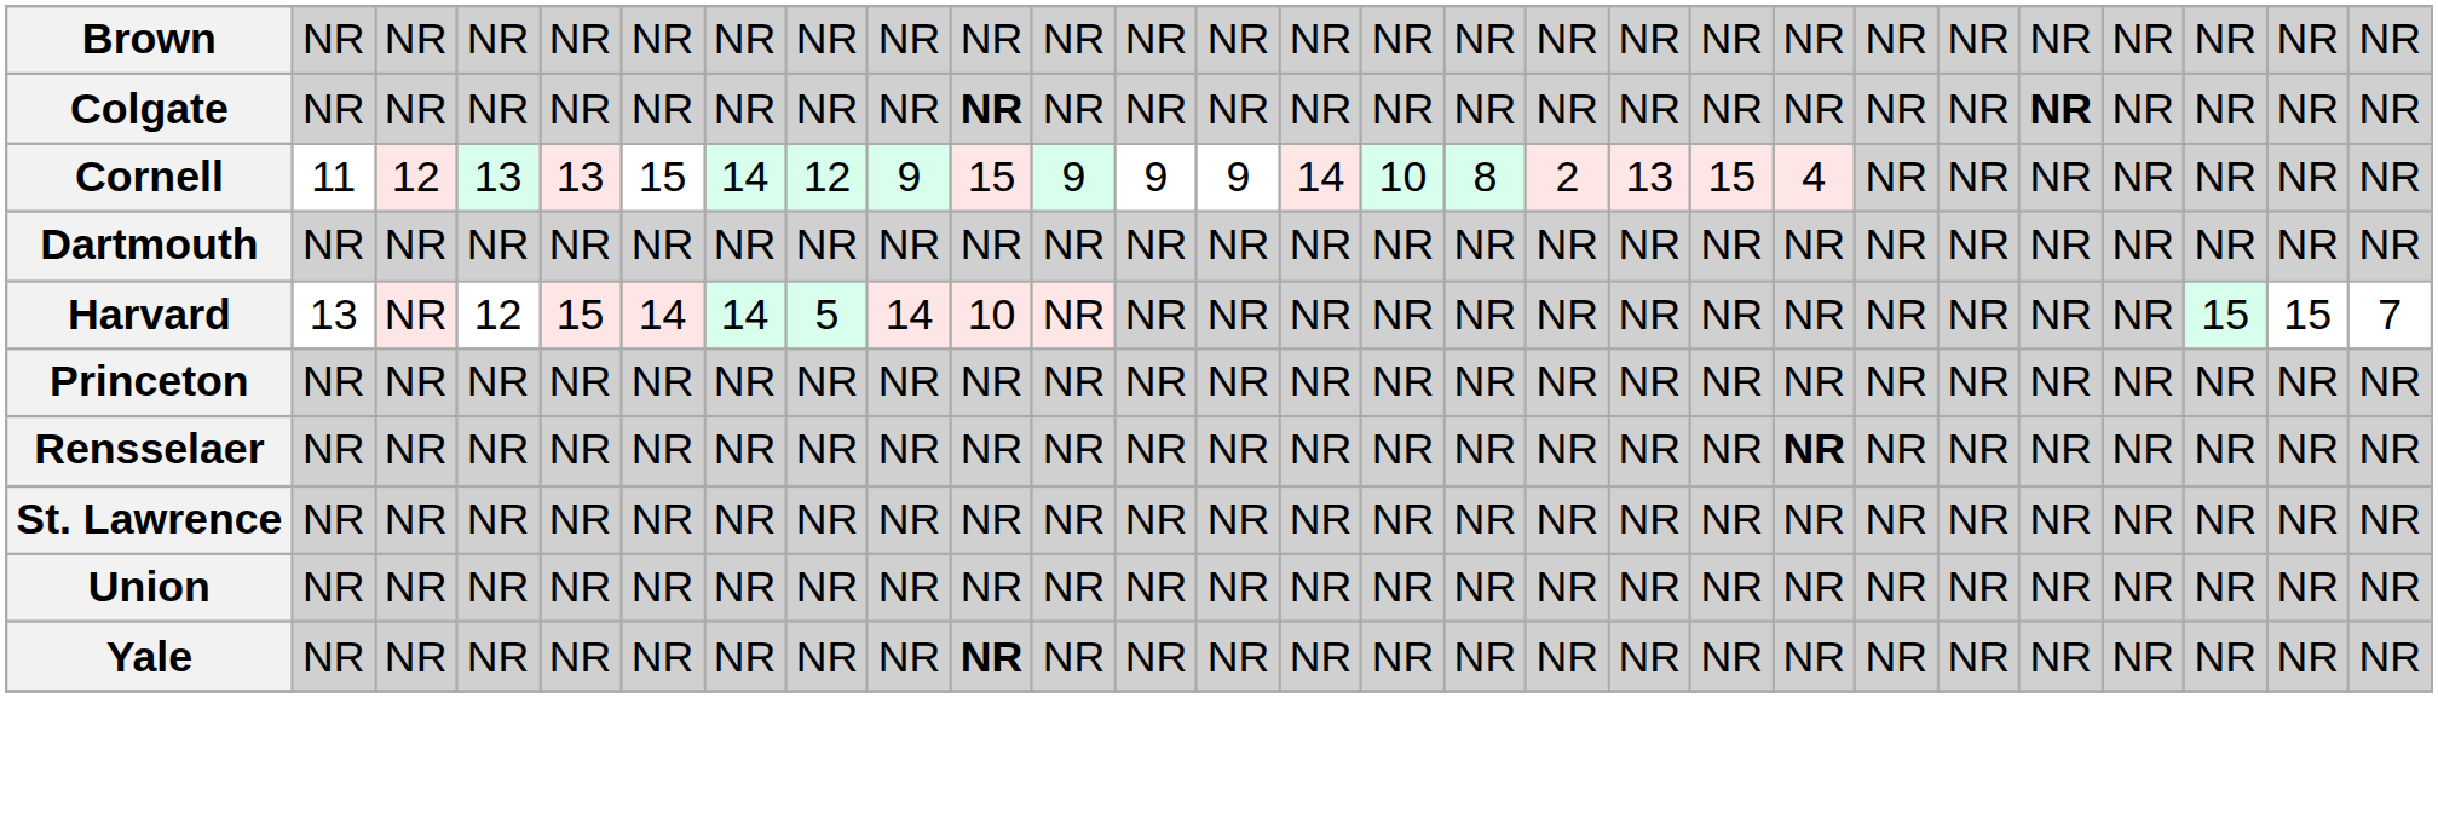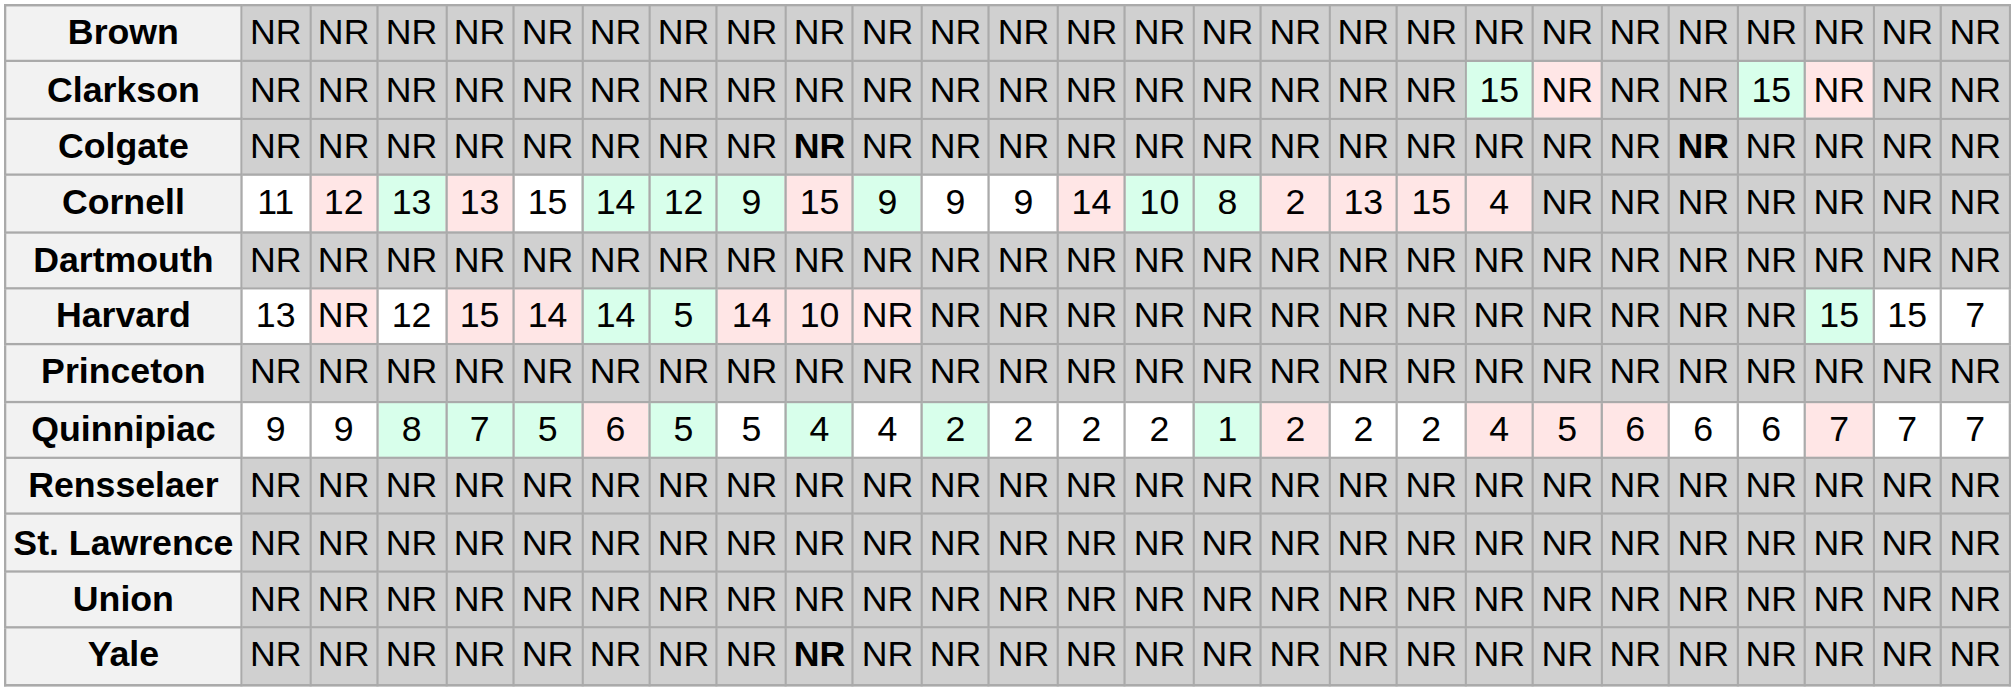 <table class="wikitable sortable" style="text-align: center;">
 <tr>
 </tr>
 <tr bgcolor=d0d0d0>
 <th>Brown</th>
 <td>NR</td>
 <td>NR</td>
 <td>NR</td>
 <td>NR</td>
 <td>NR</td>
 <td>NR</td>
 <td>NR</td>
 <td>NR</td>
 <td>NR</td>
 <td>NR</td>
 <td>NR</td>
 <td>NR</td>
 <td>NR</td>
 <td>NR</td>
 <td>NR</td>
 <td>NR</td>
 <td>NR</td>
 <td>NR</td>
 <td>NR</td>
 <td>NR</td>
 <td>NR</td>
 <td>NR</td>
 <td>NR</td>
 <td>NR</td>
+<td>NR</td>
+<td>NR</td>
+</tr>
+<tr bgcolor=d0d0d0>
+<th>Clarkson</th>
+<td>NR</td>
+<td>NR</td>
+<td>NR</td>
+<td>NR</td>
+<td>NR</td>
+<td>NR</td>
+<td>NR</td>
+<td>NR</td>
+<td>NR</td>
+<td>NR</td>
+<td>NR</td>
+<td>NR</td>
+<td>NR</td>
+<td>NR</td>
+<td>NR</td>
+<td>NR</td>
+<td>NR</td>
+<td>NR</td>
+<td bgcolor=D8FFEB>15</td>
+<td bgcolor=FFE6E6>NR</td>
+<td>NR</td>
+<td>NR</td>
+<td bgcolor=D8FFEB>15</td>
+<td bgcolor=FFE6E6>NR</td>
 <td>NR</td>
 <td>NR</td>
 </tr>
 <tr bgcolor=d0d0d0>
 <th>Colgate</th>
 <td>NR</td>
 <td>NR</td>
 <td>NR</td>
 <td>NR</td>
 <td>NR</td>
 <td>NR</td>
 <td>NR</td>
 <td>NR</td>
 <td><strong>NR</strong></td>
 <td>NR</td>
 <td>NR</td>
 <td>NR</td>
 <td>NR</td>
 <td>NR</td>
 <td>NR</td>
 <td>NR</td>
 <td>NR</td>
 <td>NR</td>
 <td>NR</td>
 <td>NR</td>
 <td>NR</td>
 <td><strong>NR</strong></td>
 <td>NR</td>
 <td>NR</td>
 <td>NR</td>
 <td>NR</td>
 </tr>
 <tr bgcolor=d0d0d0>
 <th>Cornell</th>
 <td bgcolor=FFFFFF>11</td>
 <td bgcolor=FFE6E6>12</td>
 <td bgcolor=D8FFEB>13</td>
 <td bgcolor=FFE6E6>13</td>
 <td bgcolor=FFFFFF>15</td>
 <td bgcolor=D8FFEB>14</td>
 <td bgcolor=D8FFEB>12</td>
 <td bgcolor=D8FFEB>9</td>
 <td bgcolor=FFE6E6>15</td>
 <td bgcolor=D8FFEB>9</td>
 <td bgcolor=FFFFFF>9</td>
 <td bgcolor=FFFFFF>9</td>
 <td bgcolor=FFE6E6>14</td>
 <td bgcolor=D8FFEB>10</td>
 <td bgcolor=D8FFEB>8</td>
 <td bgcolor=FFE6E6>2</td>
 <td bgcolor=FFE6E6>13</td>
 <td bgcolor=FFE6E6>15</td>
 <td bgcolor=FFE6E6>4</td>
 <td>NR</td>
 <td>NR</td>
 <td>NR</td>
 <td>NR</td>
 <td>NR</td>
 <td>NR</td>
 <td>NR</td>
 </tr>
 <tr bgcolor=d0d0d0>
 <th>Dartmouth</th>
 <td>NR</td>
 <td>NR</td>
 <td>NR</td>
 <td>NR</td>
 <td>NR</td>
 <td>NR</td>
 <td>NR</td>
 <td>NR</td>
 <td>NR</td>
 <td>NR</td>
 <td>NR</td>
 <td>NR</td>
 <td>NR</td>
 <td>NR</td>
 <td>NR</td>
 <td>NR</td>
 <td>NR</td>
 <td>NR</td>
 <td>NR</td>
 <td>NR</td>
 <td>NR</td>
 <td>NR</td>
 <td>NR</td>
 <td>NR</td>
 <td>NR</td>
 <td>NR</td>
 </tr>
 <tr bgcolor=d0d0d0>
 <th>Harvard</th>
 <td bgcolor=FFFFFF>13</td>
 <td bgcolor=FFE6E6>NR</td>
 <td bgcolor=FFFFFF>12</td>
 <td bgcolor=FFE6E6>15</td>
 <td bgcolor=FFE6E6>14</td>
 <td bgcolor=D8FFEB>14</td>
 <td bgcolor=D8FFEB>5</td>
 <td bgcolor=FFE6E6>14</td>
 <td bgcolor=FFE6E6>10</td>
 <td bgcolor=FFE6E6>NR</td>
 <td>NR</td>
 <td>NR</td>
 <td>NR</td>
 <td>NR</td>
 <td>NR</td>
 <td>NR</td>
 <td>NR</td>
 <td>NR</td>
 <td>NR</td>
 <td>NR</td>
 <td>NR</td>
 <td>NR</td>
 <td>NR</td>
 <td bgcolor=D8FFEB>15</td>
 <td bgcolor=FFFFFF>15</td>
 <td bgcolor=FFFFFF>7</td>
 </tr>
 <tr bgcolor=d0d0d0>
 <th>Princeton</th>
 <td>NR</td>
 <td>NR</td>
 <td>NR</td>
 <td>NR</td>
 <td>NR</td>
 <td>NR</td>
 <td>NR</td>
 <td>NR</td>
 <td>NR</td>
 <td>NR</td>
 <td>NR</td>
 <td>NR</td>
 <td>NR</td>
 <td>NR</td>
 <td>NR</td>
 <td>NR</td>
 <td>NR</td>
 <td>NR</td>
 <td>NR</td>
 <td>NR</td>
 <td>NR</td>
 <td>NR</td>
 <td>NR</td>
 <td>NR</td>
 <td>NR</td>
 <td>NR</td>
 </tr>
 <tr bgcolor=d0d0d0>
+<th>Quinnipiac</th>
+<td bgcolor=FFFFFF>9</td>
+<td bgcolor=FFFFFF>9</td>
+<td bgcolor=D8FFEB>8</td>
+<td bgcolor=D8FFEB>7</td>
+<td bgcolor=D8FFEB>5</td>
+<td bgcolor=FFE6E6>6</td>
+<td bgcolor=D8FFEB>5</td>
+<td bgcolor=FFFFFF>5</td>
+<td bgcolor=D8FFEB>4</td>
+<td bgcolor=FFFFFF>4</td>
+<td bgcolor=D8FFEB>2</td>
+<td bgcolor=FFFFFF>2</td>
+<td bgcolor=FFFFFF>2</td>
+<td bgcolor=FFFFFF>2</td>
+<td bgcolor=D8FFEB>1</td>
+<td bgcolor=FFE6E6>2</td>
+<td bgcolor=FFFFFF>2</td>
+<td bgcolor=FFFFFF>2</td>
+<td bgcolor=FFE6E6>4</td>
+<td bgcolor=FFE6E6>5</td>
+<td bgcolor=FFE6E6>6</td>
+<td bgcolor=FFFFFF>6</td>
+<td bgcolor=FFFFFF>6</td>
+<td bgcolor=FFE6E6>7</td>
+<td bgcolor=FFFFFF>7</td>
+<td bgcolor=FFFFFF>7</td>
+</tr>
+<tr bgcolor=d0d0d0>
 <th>Rensselaer</th>
 <td>NR</td>
 <td>NR</td>
 <td>NR</td>
 <td>NR</td>
 <td>NR</td>
 <td>NR</td>
 <td>NR</td>
 <td>NR</td>
 <td>NR</td>
 <td>NR</td>
 <td>NR</td>
 <td>NR</td>
 <td>NR</td>
 <td>NR</td>
 <td>NR</td>
 <td>NR</td>
 <td>NR</td>
 <td>NR</td>
-<td><strong>NR</strong></td>
+<td>NR</td>
 <td>NR</td>
 <td>NR</td>
 <td>NR</td>
 <td>NR</td>
 <td>NR</td>
 <td>NR</td>
 <td>NR</td>
 </tr>
 <tr bgcolor=d0d0d0>
 <th>St. Lawrence</th>
 <td>NR</td>
 <td>NR</td>
 <td>NR</td>
 <td>NR</td>
 <td>NR</td>
 <td>NR</td>
 <td>NR</td>
 <td>NR</td>
 <td>NR</td>
 <td>NR</td>
 <td>NR</td>
 <td>NR</td>
 <td>NR</td>
 <td>NR</td>
 <td>NR</td>
 <td>NR</td>
 <td>NR</td>
 <td>NR</td>
 <td>NR</td>
 <td>NR</td>
 <td>NR</td>
 <td>NR</td>
 <td>NR</td>
 <td>NR</td>
 <td>NR</td>
 <td>NR</td>
 </tr>
 <tr bgcolor=d0d0d0>
 <th>Union</th>
 <td>NR</td>
 <td>NR</td>
 <td>NR</td>
 <td>NR</td>
 <td>NR</td>
 <td>NR</td>
 <td>NR</td>
 <td>NR</td>
 <td>NR</td>
 <td>NR</td>
 <td>NR</td>
 <td>NR</td>
 <td>NR</td>
 <td>NR</td>
 <td>NR</td>
 <td>NR</td>
 <td>NR</td>
 <td>NR</td>
 <td>NR</td>
 <td>NR</td>
 <td>NR</td>
 <td>NR</td>
 <td>NR</td>
 <td>NR</td>
 <td>NR</td>
 <td>NR</td>
 </tr>
 <tr bgcolor=d0d0d0>
 <th>Yale</th>
 <td>NR</td>
 <td>NR</td>
 <td>NR</td>
 <td>NR</td>
 <td>NR</td>
 <td>NR</td>
 <td>NR</td>
 <td>NR</td>
 <td><strong>NR</strong></td>
 <td>NR</td>
 <td>NR</td>
 <td>NR</td>
 <td>NR</td>
 <td>NR</td>
 <td>NR</td>
 <td>NR</td>
 <td>NR</td>
 <td>NR</td>
 <td>NR</td>
 <td>NR</td>
 <td>NR</td>
 <td>NR</td>
 <td>NR</td>
 <td>NR</td>
 <td>NR</td>
 <td>NR</td>
 </tr>
 <tr>
 </tr>
 </table>
